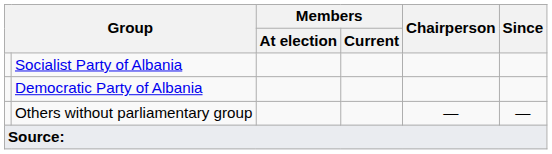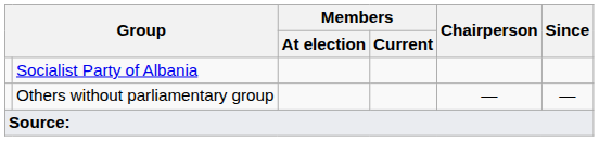 <table class="wikitable" style="text-align:center">
 <tr>
 <th colspan="2" rowspan="2">Group</th>
 <th colspan="2">Members</th>
 <th colspan="1" rowspan="2">Chairperson</th>
 <th colspan="1" rowspan="2">Since</th>
 </tr>
 <tr>
 <th>At election</th>
 <th>Current</th>
 </tr>
 <tr>
 <td style="background:"></td>
 <td align="left"><a href='#'>Socialist Party of Albania</a></td>
 <td></td>
 <td></td>
 <td></td>
 <td></td>
 </tr>
 <tr>
 <td style="background:"></td>
-<td align="left"><a href='#'>Democratic Party of Albania</a></td>
-<td></td>
-<td></td>
-<td></td>
-<td></td>
-</tr>
-<tr>
-<td style="background:"></td>
 <td align="left">Others without parliamentary group </td>
 <td></td>
 <td></td>
 <td>—</td>
 <td>—</td>
 </tr>
 <tr class="sortbottom">
 <td colspan="6" style="text-align:left; background-color:#eaecf0"><strong>Source: </strong></td>
 </tr>
 </table>
